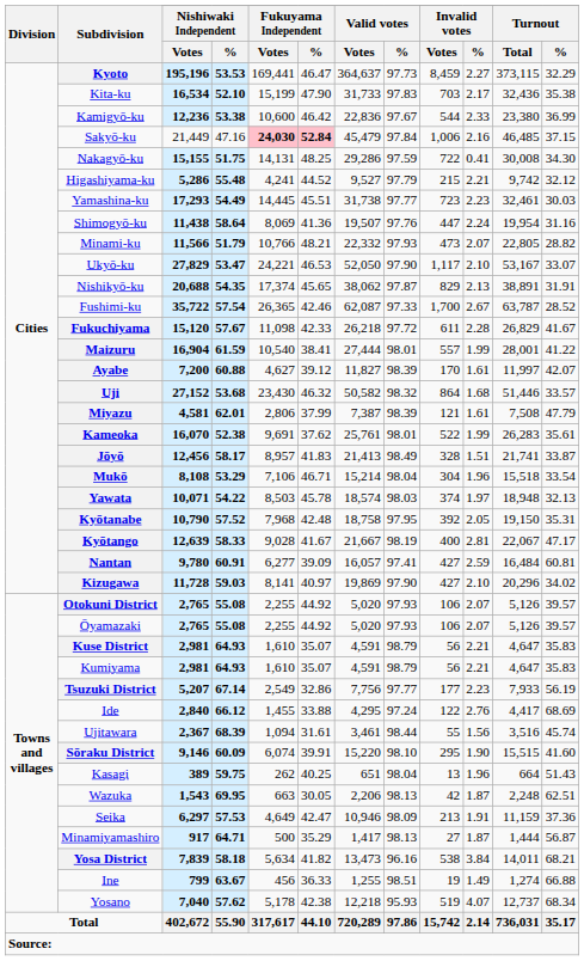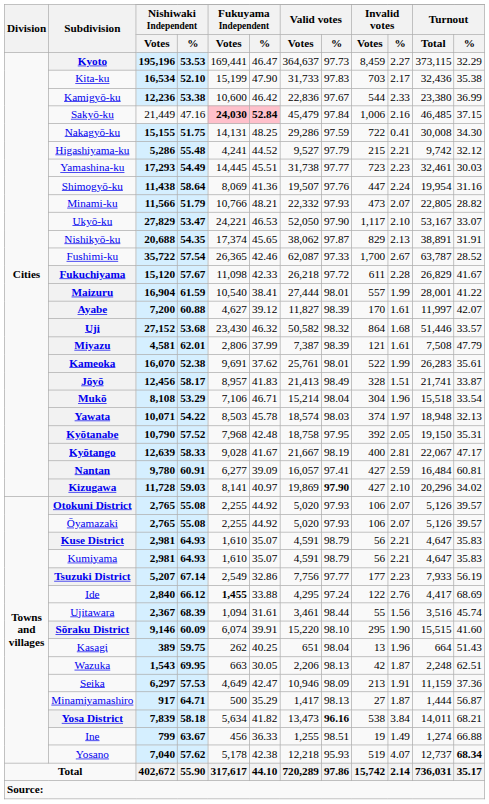 <table class="wikitable sortable" style=text-align:right>
 <tr>
 <th rowspan=3>Division</th>
 <th rowspan=3>Subdivision</th>
 </tr>
 <tr>
 <th colspan=2>Nishiwaki<br><small>Independent</small></th>
 <th colspan=2>Fukuyama<br><small>Independent</small></th>
 <th colspan=2>Valid votes</th>
 <th colspan=2>Invalid votes</th>
 <th colspan=2>Turnout</th>
 </tr>
 <tr>
 <th>Votes</th>
 <th>%</th>
 <th>Votes</th>
 <th>%</th>
 <th>Votes</th>
 <th>%</th>
 <th>Votes</th>
 <th>%</th>
 <th>Total</th>
 <th>%</th>
 </tr>
 <tr>
 <td rowspan="25" style="text-align:center"><strong>Cities</strong></td>
 <th><a href='#'>Kyoto</a></th>
 <td bgcolor=#D5EFFF><strong>195,196</strong></td>
 <td bgcolor=#D5EFFF><strong>53.53</strong></td>
 <td>169,441</td>
 <td>46.47</td>
 <td>364,637</td>
 <td>97.73</td>
 <td>8,459</td>
 <td>2.27</td>
 <td>373,115</td>
 <td>32.29</td>
 </tr>
 <tr>
 <td style="text-align:center"><a href='#'>Kita-ku</a></td>
 <td bgcolor=#D5EFFF><strong>16,534</strong></td>
 <td bgcolor=#D5EFFF><strong>52.10</strong></td>
 <td>15,199</td>
 <td>47.90</td>
 <td>31,733</td>
 <td>97.83</td>
 <td>703</td>
 <td>2.17</td>
 <td>32,436</td>
 <td>35.38</td>
 </tr>
 <tr>
 <td style="text-align:center"><a href='#'>Kamigyō-ku</a></td>
 <td bgcolor=#D5EFFF><strong>12,236</strong></td>
 <td bgcolor=#D5EFFF><strong>53.38</strong></td>
 <td>10,600</td>
 <td>46.42</td>
 <td>22,836</td>
 <td>97.67</td>
 <td>544</td>
 <td>2.33</td>
 <td>23,380</td>
 <td>36.99</td>
 </tr>
 <tr>
 <td style="text-align:center"><a href='#'>Sakyō-ku</a></td>
 <td>21,449</td>
 <td>47.16</td>
 <td bgcolor=pink><strong>24,030</strong></td>
 <td bgcolor=pink><strong>52.84</strong></td>
 <td>45,479</td>
 <td>97.84</td>
 <td>1,006</td>
 <td>2.16</td>
 <td>46,485</td>
 <td>37.15</td>
 </tr>
 <tr>
 <td style="text-align:center"><a href='#'>Nakagyō-ku</a></td>
 <td bgcolor=#D5EFFF><strong>15,155</strong></td>
 <td bgcolor=#D5EFFF><strong>51.75</strong></td>
 <td>14,131</td>
 <td>48.25</td>
 <td>29,286</td>
 <td>97.59</td>
 <td>722</td>
 <td>0.41</td>
 <td>30,008</td>
 <td>34.30</td>
 </tr>
 <tr>
 <td style="text-align:center"><a href='#'>Higashiyama-ku</a></td>
 <td bgcolor=#D5EFFF><strong>5,286</strong></td>
 <td bgcolor=#D5EFFF><strong>55.48</strong></td>
 <td>4,241</td>
 <td>44.52</td>
 <td>9,527</td>
 <td>97.79</td>
 <td>215</td>
 <td>2.21</td>
 <td>9,742</td>
 <td>32.12</td>
 </tr>
 <tr>
 <td style="text-align:center"><a href='#'>Yamashina-ku</a></td>
 <td bgcolor=#D5EFFF><strong>17,293</strong></td>
 <td bgcolor=#D5EFFF><strong>54.49</strong></td>
 <td>14,445</td>
 <td>45.51</td>
 <td>31,738</td>
 <td>97.77</td>
 <td>723</td>
 <td>2.23</td>
 <td>32,461</td>
 <td>30.03</td>
 </tr>
 <tr>
 <td style="text-align:center"><a href='#'>Shimogyō-ku</a></td>
 <td bgcolor=#D5EFFF><strong>11,438</strong></td>
 <td bgcolor=#D5EFFF><strong>58.64</strong></td>
 <td>8,069</td>
 <td>41.36</td>
 <td>19,507</td>
 <td>97.76</td>
 <td>447</td>
 <td>2.24</td>
 <td>19,954</td>
 <td>31.16</td>
 </tr>
 <tr>
 <td style="text-align:center"><a href='#'>Minami-ku</a></td>
 <td bgcolor=#D5EFFF><strong>11,566</strong></td>
 <td bgcolor=#D5EFFF><strong>51.79</strong></td>
 <td>10,766</td>
 <td>48.21</td>
 <td>22,332</td>
 <td>97.93</td>
 <td>473</td>
 <td>2.07</td>
 <td>22,805</td>
 <td>28.82</td>
 </tr>
 <tr>
 <td style="text-align:center"><a href='#'>Ukyō-ku</a></td>
 <td bgcolor=#D5EFFF><strong>27,829</strong></td>
 <td bgcolor=#D5EFFF><strong>53.47</strong></td>
 <td>24,221</td>
 <td>46.53</td>
 <td>52,050</td>
 <td>97.90</td>
 <td>1,117</td>
 <td>2.10</td>
 <td>53,167</td>
 <td>33.07</td>
 </tr>
 <tr>
 <td style="text-align:center"><a href='#'>Nishikyō-ku</a></td>
 <td bgcolor=#D5EFFF><strong>20,688</strong></td>
 <td bgcolor=#D5EFFF><strong>54.35</strong></td>
 <td>17,374</td>
 <td>45.65</td>
 <td>38,062</td>
 <td>97.87</td>
 <td>829</td>
 <td>2.13</td>
 <td>38,891</td>
 <td>31.91</td>
 </tr>
 <tr>
 <td style="text-align:center"><a href='#'>Fushimi-ku</a></td>
 <td bgcolor=#D5EFFF><strong>35,722</strong></td>
 <td bgcolor=#D5EFFF><strong>57.54</strong></td>
 <td>26,365</td>
 <td>42.46</td>
 <td>62,087</td>
 <td>97.33</td>
 <td>1,700</td>
 <td>2.67</td>
 <td>63,787</td>
 <td>28.52</td>
 </tr>
 <tr>
 <th><a href='#'>Fukuchiyama</a></th>
 <td bgcolor=#D5EFFF><strong>15,120</strong></td>
 <td bgcolor=#D5EFFF><strong>57.67</strong></td>
 <td>11,098</td>
 <td>42.33</td>
 <td>26,218</td>
 <td>97.72</td>
 <td>611</td>
 <td>2.28</td>
 <td>26,829</td>
 <td>41.67</td>
 </tr>
 <tr>
 <th><a href='#'>Maizuru</a></th>
 <td bgcolor=#D5EFFF><strong>16,904</strong></td>
 <td bgcolor=#D5EFFF><strong>61.59</strong></td>
 <td>10,540</td>
 <td>38.41</td>
 <td>27,444</td>
 <td>98.01</td>
 <td>557</td>
 <td>1.99</td>
 <td>28,001</td>
 <td>41.22</td>
 </tr>
 <tr>
 <th><a href='#'>Ayabe</a></th>
 <td bgcolor=#D5EFFF><strong>7,200</strong></td>
 <td bgcolor=#D5EFFF><strong>60.88</strong></td>
 <td>4,627</td>
 <td>39.12</td>
 <td>11,827</td>
 <td>98.39</td>
 <td>170</td>
 <td>1.61</td>
 <td>11,997</td>
 <td>42.07</td>
 </tr>
 <tr>
 <th><a href='#'>Uji</a></th>
 <td bgcolor=#D5EFFF><strong>27,152</strong></td>
 <td bgcolor=#D5EFFF><strong>53.68</strong></td>
 <td>23,430</td>
 <td>46.32</td>
 <td>50,582</td>
 <td>98.32</td>
 <td>864</td>
 <td>1.68</td>
 <td>51,446</td>
 <td>33.57</td>
 </tr>
 <tr>
 <th><a href='#'>Miyazu</a></th>
 <td bgcolor=#D5EFFF><strong>4,581</strong></td>
 <td bgcolor=#D5EFFF><strong>62.01</strong></td>
 <td>2,806</td>
 <td>37.99</td>
 <td>7,387</td>
 <td>98.39</td>
 <td>121</td>
 <td>1.61</td>
 <td>7,508</td>
 <td>47.79</td>
 </tr>
 <tr>
 <th><a href='#'>Kameoka</a></th>
 <td bgcolor=#D5EFFF><strong>16,070</strong></td>
 <td bgcolor=#D5EFFF><strong>52.38</strong></td>
 <td>9,691</td>
 <td>37.62</td>
 <td>25,761</td>
 <td>98.01</td>
 <td>522</td>
 <td>1.99</td>
 <td>26,283</td>
 <td>35.61</td>
 </tr>
 <tr>
 <th><a href='#'>Jōyō</a></th>
 <td bgcolor=#D5EFFF><strong>12,456</strong></td>
 <td bgcolor=#D5EFFF><strong>58.17</strong></td>
 <td>8,957</td>
 <td>41.83</td>
 <td>21,413</td>
 <td>98.49</td>
 <td>328</td>
 <td>1.51</td>
 <td>21,741</td>
 <td>33.87</td>
 </tr>
 <tr>
 <th><a href='#'>Mukō</a></th>
 <td bgcolor=#D5EFFF><strong>8,108</strong></td>
 <td bgcolor=#D5EFFF><strong>53.29</strong></td>
 <td>7,106</td>
 <td>46.71</td>
 <td>15,214</td>
 <td>98.04</td>
 <td>304</td>
 <td>1.96</td>
 <td>15,518</td>
 <td>33.54</td>
 </tr>
 <tr>
 <th><a href='#'>Yawata</a></th>
 <td bgcolor=#D5EFFF><strong>10,071</strong></td>
 <td bgcolor=#D5EFFF><strong>54.22</strong></td>
 <td>8,503</td>
 <td>45.78</td>
 <td>18,574</td>
 <td>98.03</td>
 <td>374</td>
 <td>1.97</td>
 <td>18,948</td>
 <td>32.13</td>
 </tr>
 <tr>
 <th><a href='#'>Kyōtanabe</a></th>
 <td bgcolor=#D5EFFF><strong>10,790</strong></td>
 <td bgcolor=#D5EFFF><strong>57.52</strong></td>
 <td>7,968</td>
 <td>42.48</td>
 <td>18,758</td>
 <td>97.95</td>
 <td>392</td>
 <td>2.05</td>
 <td>19,150</td>
 <td>35.31</td>
 </tr>
 <tr>
 <th><a href='#'>Kyōtango</a></th>
 <td bgcolor=#D5EFFF><strong>12,639</strong></td>
 <td bgcolor=#D5EFFF><strong>58.33</strong></td>
 <td>9,028</td>
 <td>41.67</td>
 <td>21,667</td>
 <td>98.19</td>
 <td>400</td>
 <td>2.81</td>
 <td>22,067</td>
 <td>47.17</td>
 </tr>
 <tr>
 <th><a href='#'>Nantan</a></th>
 <td bgcolor=#D5EFFF><strong>9,780</strong></td>
 <td bgcolor=#D5EFFF><strong>60.91</strong></td>
 <td>6,277</td>
 <td>39.09</td>
 <td>16,057</td>
 <td>97.41</td>
 <td>427</td>
 <td>2.59</td>
 <td>16,484</td>
 <td>60.81</td>
 </tr>
 <tr>
 <th><a href='#'>Kizugawa</a></th>
 <td bgcolor=#D5EFFF><strong>11,728</strong></td>
 <td bgcolor=#D5EFFF><strong>59.03</strong></td>
 <td>8,141</td>
 <td>40.97</td>
 <td>19,869</td>
-<td>97.90</td>
+<td><strong>97.90</strong></td>
 <td>427</td>
 <td>2.10</td>
 <td>20,296</td>
 <td>34.02</td>
 </tr>
 <tr>
 <td rowspan="15" style="text-align:center"><strong>Towns and villages</strong></td>
 <th><a href='#'>Otokuni District</a></th>
 <td bgcolor=#D5EFFF><strong>2,765</strong></td>
 <td bgcolor=#D5EFFF><strong>55.08</strong></td>
 <td>2,255</td>
 <td>44.92</td>
 <td>5,020</td>
 <td>97.93</td>
 <td>106</td>
 <td>2.07</td>
 <td>5,126</td>
 <td>39.57</td>
 </tr>
 <tr>
 <td style="text-align:center"><a href='#'>Ōyamazaki</a></td>
 <td bgcolor=#D5EFFF><strong>2,765</strong></td>
 <td bgcolor=#D5EFFF><strong>55.08</strong></td>
 <td>2,255</td>
 <td>44.92</td>
 <td>5,020</td>
 <td>97.93</td>
 <td>106</td>
 <td>2.07</td>
 <td>5,126</td>
 <td>39.57</td>
 </tr>
 <tr>
 <th><a href='#'>Kuse District</a></th>
 <td bgcolor=#D5EFFF><strong>2,981</strong></td>
 <td bgcolor=#D5EFFF><strong>64.93</strong></td>
 <td>1,610</td>
 <td>35.07</td>
 <td>4,591</td>
 <td>98.79</td>
 <td>56</td>
 <td>2.21</td>
 <td>4,647</td>
 <td>35.83</td>
 </tr>
 <tr>
 <td style="text-align:center"><a href='#'>Kumiyama</a></td>
 <td bgcolor=#D5EFFF><strong>2,981</strong></td>
 <td bgcolor=#D5EFFF><strong>64.93</strong></td>
 <td>1,610</td>
 <td>35.07</td>
 <td>4,591</td>
 <td>98.79</td>
 <td>56</td>
 <td>2.21</td>
 <td>4,647</td>
 <td>35.83</td>
 </tr>
 <tr>
 <th><a href='#'>Tsuzuki District</a></th>
 <td bgcolor=#D5EFFF><strong>5,207</strong></td>
 <td bgcolor=#D5EFFF><strong>67.14</strong></td>
 <td>2,549</td>
 <td>32.86</td>
 <td>7,756</td>
 <td>97.77</td>
 <td>177</td>
 <td>2.23</td>
 <td>7,933</td>
 <td>56.19</td>
 </tr>
 <tr>
 <td style="text-align:center"><a href='#'>Ide</a></td>
 <td bgcolor=#D5EFFF><strong>2,840</strong></td>
 <td bgcolor=#D5EFFF><strong>66.12</strong></td>
-<td>1,455</td>
+<td><strong>1,455</strong></td>
 <td>33.88</td>
 <td>4,295</td>
 <td>97.24</td>
 <td>122</td>
 <td>2.76</td>
 <td>4,417</td>
 <td>68.69</td>
 </tr>
 <tr>
 <td style="text-align:center"><a href='#'>Ujitawara</a></td>
 <td bgcolor=#D5EFFF><strong>2,367</strong></td>
 <td bgcolor=#D5EFFF><strong>68.39</strong></td>
 <td>1,094</td>
 <td>31.61</td>
 <td>3,461</td>
 <td>98.44</td>
 <td>55</td>
 <td>1.56</td>
 <td>3,516</td>
 <td>45.74</td>
 </tr>
 <tr>
 <th><a href='#'>Sōraku District</a></th>
 <td bgcolor=#D5EFFF><strong>9,146</strong></td>
 <td bgcolor=#D5EFFF><strong>60.09</strong></td>
 <td>6,074</td>
 <td>39.91</td>
 <td>15,220</td>
 <td>98.10</td>
 <td>295</td>
 <td>1.90</td>
 <td>15,515</td>
 <td>41.60</td>
 </tr>
 <tr>
 <td style="text-align:center"><a href='#'>Kasagi</a></td>
 <td bgcolor=#D5EFFF><strong>389</strong></td>
 <td bgcolor=#D5EFFF><strong>59.75</strong></td>
 <td>262</td>
 <td>40.25</td>
 <td>651</td>
 <td>98.04</td>
 <td>13</td>
 <td>1.96</td>
 <td>664</td>
 <td>51.43</td>
 </tr>
 <tr>
 <td style="text-align:center"><a href='#'>Wazuka</a></td>
 <td bgcolor=#D5EFFF><strong>1,543</strong></td>
 <td bgcolor=#D5EFFF><strong>69.95</strong></td>
 <td>663</td>
 <td>30.05</td>
 <td>2,206</td>
 <td>98.13</td>
 <td>42</td>
 <td>1.87</td>
 <td>2,248</td>
 <td>62.51</td>
 </tr>
 <tr>
 <td style="text-align:center"><a href='#'>Seika</a></td>
 <td bgcolor=#D5EFFF><strong>6,297</strong></td>
 <td bgcolor=#D5EFFF><strong>57.53</strong></td>
 <td>4,649</td>
 <td>42.47</td>
 <td>10,946</td>
 <td>98.09</td>
 <td>213</td>
 <td>1.91</td>
 <td>11,159</td>
 <td>37.36</td>
 </tr>
 <tr>
 <td style="text-align:center"><a href='#'>Minamiyamashiro</a></td>
 <td bgcolor=#D5EFFF><strong>917</strong></td>
 <td bgcolor=#D5EFFF><strong>64.71</strong></td>
 <td>500</td>
 <td>35.29</td>
 <td>1,417</td>
 <td>98.13</td>
 <td>27</td>
 <td>1.87</td>
 <td>1,444</td>
 <td>56.87</td>
 </tr>
 <tr>
 <th><a href='#'>Yosa District</a></th>
 <td bgcolor=#D5EFFF><strong>7,839</strong></td>
 <td bgcolor=#D5EFFF><strong>58.18</strong></td>
 <td>5,634</td>
 <td>41.82</td>
 <td>13,473</td>
-<td>96.16</td>
+<td><strong>96.16</strong></td>
 <td>538</td>
 <td>3.84</td>
 <td>14,011</td>
 <td>68.21</td>
 </tr>
 <tr>
 <td style="text-align:center"><a href='#'>Ine</a></td>
 <td bgcolor=#D5EFFF><strong>799</strong></td>
 <td bgcolor=#D5EFFF><strong>63.67</strong></td>
 <td>456</td>
 <td>36.33</td>
 <td>1,255</td>
 <td>98.51</td>
 <td>19</td>
 <td>1.49</td>
 <td>1,274</td>
 <td>66.88</td>
 </tr>
 <tr>
 <td style="text-align:center"><a href='#'>Yosano</a></td>
 <td bgcolor=#D5EFFF><strong>7,040</strong></td>
 <td bgcolor=#D5EFFF><strong>57.62</strong></td>
 <td>5,178</td>
 <td>42.38</td>
 <td>12,218</td>
 <td>95.93</td>
 <td>519</td>
 <td>4.07</td>
 <td>12,737</td>
-<td>68.34</td>
+<td><strong>68.34</strong></td>
 </tr>
 <tr>
 <td colspan="2" style="text-align:center"><strong>Total</strong></td>
 <th>402,672</th>
 <th>55.90</th>
 <th>317,617</th>
 <th>44.10</th>
 <th>720,289</th>
 <th>97.86</th>
 <th>15,742</th>
 <th>2.14</th>
 <th>736,031</th>
 <th>35.17</th>
 </tr>
 <tr>
 <td colspan="12" style="text-align:left"><strong>Source:</strong>  </td>
 </tr>
 </table>
